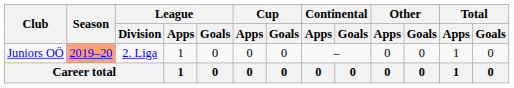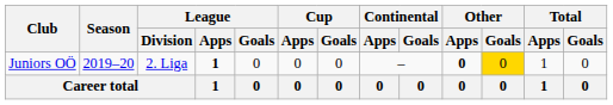 <table class="wikitable" style="text-align: center">
 <tr>
 <th rowspan="2">Club</th>
 <th rowspan="2">Season</th>
 <th colspan="3">League</th>
 <th colspan="2">Cup</th>
 <th colspan="2">Continental</th>
 <th colspan="2">Other</th>
 <th colspan="2">Total</th>
 </tr>
 <tr>
 <th>Division</th>
 <th>Apps</th>
 <th>Goals</th>
 <th>Apps</th>
 <th>Goals</th>
 <th>Apps</th>
 <th>Goals</th>
 <th>Apps</th>
 <th>Goals</th>
 <th>Apps</th>
 <th>Goals</th>
 </tr>
 <tr>
 <td><a href='#'>Juniors OÖ</a></td>
-<td style="background: lightsalmon;"><a href='#'>2019–20</a></td>
+<td><a href='#'>2019–20</a></td>
 <td><a href='#'>2. Liga</a></td>
-<td>1</td>
+<td><strong>1</strong></td>
 <td>0</td>
 <td>0</td>
 <td>0</td>
 <td colspan="2">–</td>
-<td>0</td>
-<td>0</td>
+<td><strong>0</strong></td>
+<td style="background: gold;">0</td>
 <td>1</td>
 <td>0</td>
 </tr>
 <tr>
 <th colspan=3>Career total</th>
 <th>1</th>
 <th>0</th>
 <th>0</th>
 <th>0</th>
 <th>0</th>
 <th>0</th>
 <th>0</th>
 <th>0</th>
 <th>1</th>
 <th>0</th>
 </tr>
 </table>
